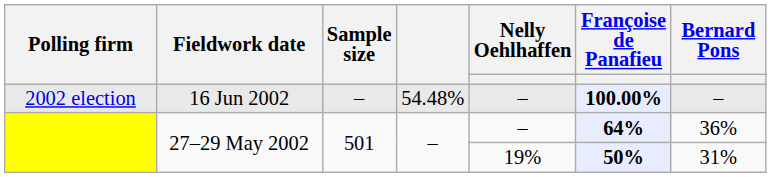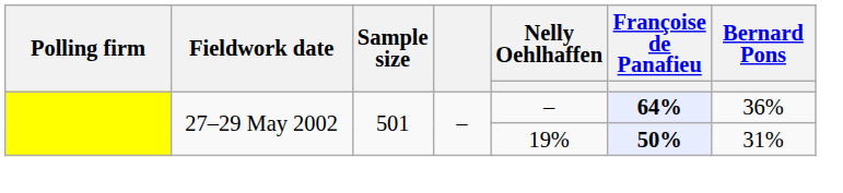 <table class="wikitable sortable" style="text-align:center;font-size:90%;line-height:14px;">
 <tr style="height:40px;">
 <th style="width:100px;" rowspan="2">Polling firm</th>
 <th style="width:110px;" rowspan="2">Fieldwork date</th>
 <th style="width:35px;" rowspan="2">Sample<br>size</th>
 <th style="width:30px;" rowspan="2"></th>
 <th class="unsortable" style="width:60px;">Nelly Oehlhaffen<br></th>
 <th class="unsortable" style="width:60px;"><a href='#'>Françoise de Panafieu</a><br></th>
 <th class="unsortable" style="width:60px;"><a href='#'>Bernard Pons</a><br></th>
 </tr>
 <tr>
 <th style="background:"></th>
 <th style="background:"></th>
 <th style="background:"></th>
-</tr>
-<tr style="background:#E9E9E9;">
-<td><a href='#'>2002 election</a></td>
-<td data-sort-value="2002-06-16">16 Jun 2002</td>
-<td>–</td>
-<td>54.48%</td>
-<td>–</td>
-<td style="background:#E7EDFE;"><strong>100.00%</strong></td>
-<td>–</td>
 </tr>
 <tr>
 <td rowspan="2" style="background:yellow;"></td>
 <td rowspan="2" data-sort-value="2002-05-29">27–29 May 2002</td>
 <td rowspan="2">501</td>
 <td rowspan="2">–</td>
 <td>–</td>
 <td style="background:#E7EDFE;"><strong>64%</strong></td>
 <td>36%</td>
 </tr>
 <tr>
 <td>19%</td>
 <td style="background:#E7EDFE;"><strong>50%</strong></td>
 <td>31%</td>
 </tr>
 </table>
